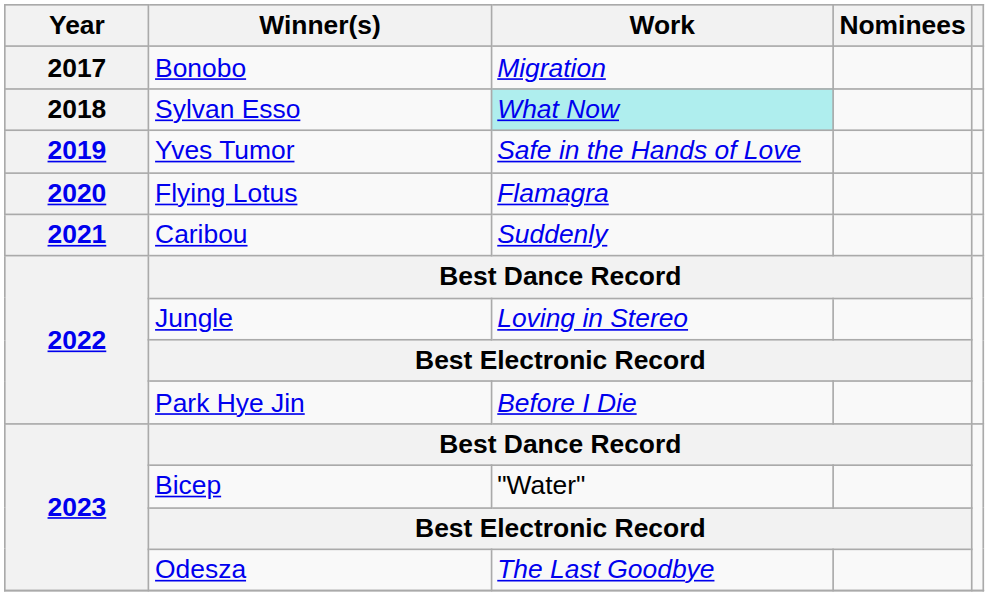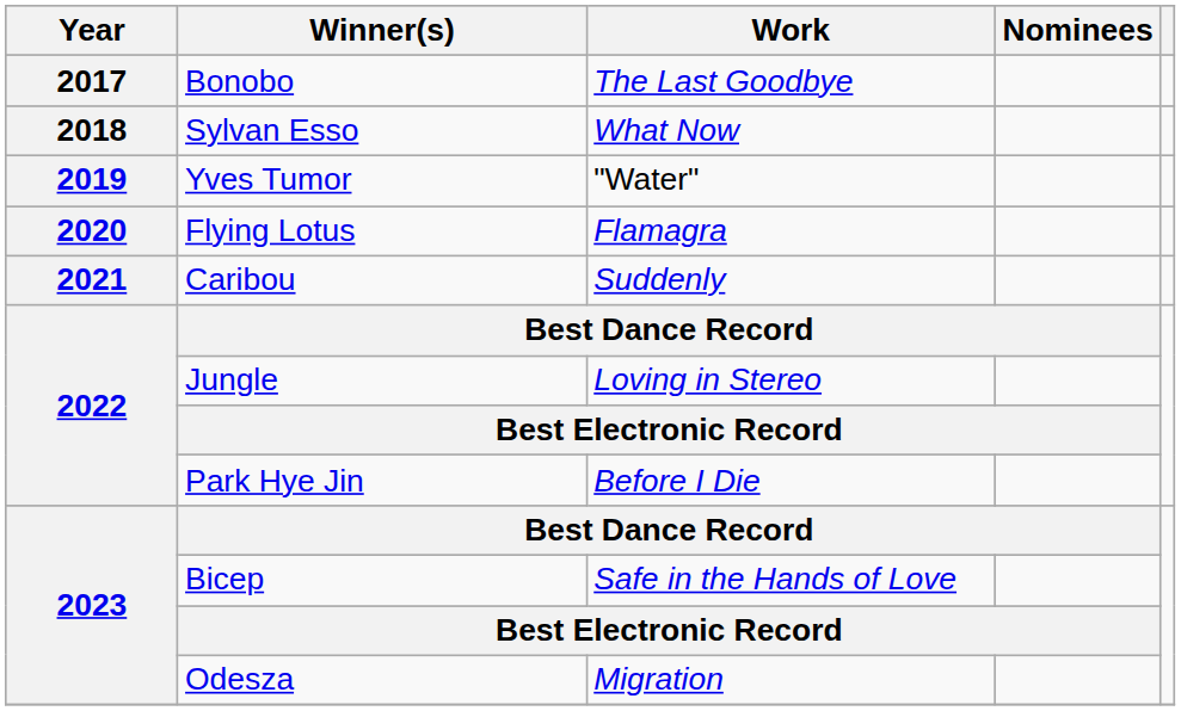 <table class="wikitable sortable">
 <tr>
 <th scope="col" style="width:5em;">Year</th>
 <th scope="col" style="width:200px;">Winner(s)</th>
 <th scope="col" style="width:200px;">Work</th>
 <th scope="col" class="unsortable">Nominees</th>
 <th scope="col" class="unsortable"></th>
 </tr>
 <tr>
 <th scope="row">2017</th>
 <td><a href='#'>Bonobo</a></td>
-<td><em><a href='#'>Migration</a></em></td>
+<td><em><a href='#'>The Last Goodbye</a></em></td>
 <td></td>
 <td align="center"></td>
 </tr>
 <tr>
 <th scope="row">2018</th>
 <td><a href='#'>Sylvan Esso</a></td>
-<td style="background: paleturquoise;"><em><a href='#'>What Now</a></em></td>
+<td><em><a href='#'>What Now</a></em></td>
 <td></td>
 <td align="center"></td>
 </tr>
 <tr>
 <th scope="row"><a href='#'>2019</a></th>
 <td><a href='#'>Yves Tumor</a></td>
-<td><em><a href='#'>Safe in the Hands of Love</a></em></td>
+<td>"Water"</td>
 <td></td>
 <td align="center"></td>
 </tr>
 <tr>
 <th scope="row"><a href='#'>2020</a></th>
 <td><a href='#'>Flying Lotus</a></td>
 <td><em><a href='#'>Flamagra</a></em></td>
 <td></td>
 <td align="center"></td>
 </tr>
 <tr>
 <th scope="row"><a href='#'>2021</a></th>
 <td><a href='#'>Caribou</a></td>
 <td><em><a href='#'>Suddenly</a></em></td>
 <td></td>
 <td align="center"></td>
 </tr>
 <tr>
 <th scope="row" rowspan="4"><a href='#'>2022</a></th>
 <th colspan="3">Best Dance Record</th>
 <td align="center" rowspan="4"></td>
 </tr>
 <tr>
 <td><a href='#'>Jungle</a></td>
 <td><em><a href='#'>Loving in Stereo</a></em></td>
 <td></td>
 </tr>
 <tr>
 <th colspan="3">Best Electronic Record</th>
 </tr>
 <tr>
 <td><a href='#'>Park Hye Jin</a></td>
 <td><em><a href='#'>Before I Die</a></em></td>
 <td></td>
 </tr>
 <tr>
 <th scope="row" rowspan="4"><a href='#'>2023</a></th>
 <th colspan="3">Best Dance Record</th>
 <td align="center" rowspan="4"><br></td>
 </tr>
 <tr>
 <td><a href='#'>Bicep</a></td>
-<td>"Water"</td>
+<td><em><a href='#'>Safe in the Hands of Love</a></em></td>
 <td></td>
 </tr>
 <tr>
 <th colspan="3">Best Electronic Record</th>
 </tr>
 <tr>
 <td><a href='#'>Odesza</a></td>
-<td><em><a href='#'>The Last Goodbye</a></em></td>
+<td><em><a href='#'>Migration</a></em></td>
 <td></td>
 </tr>
 <tr>
 </tr>
 </table>
